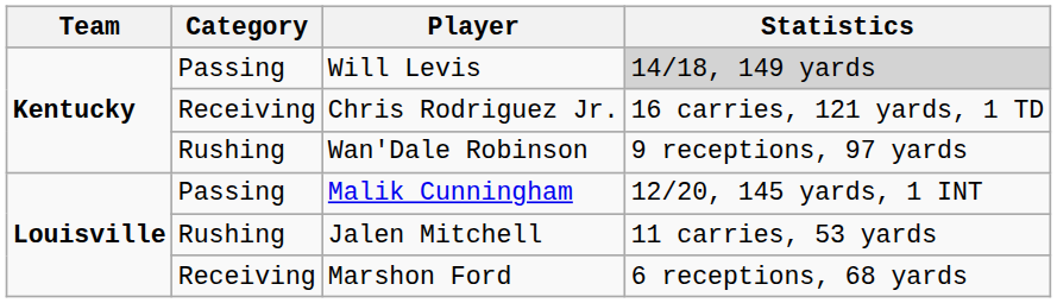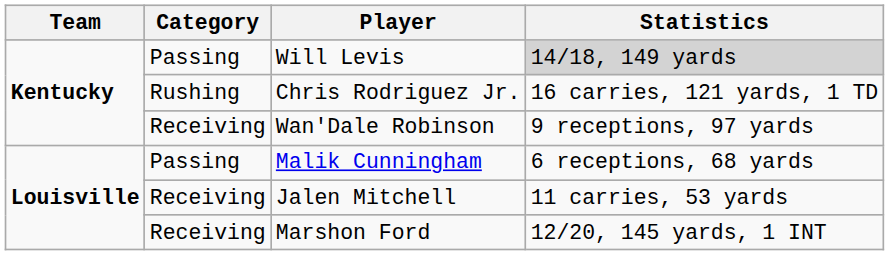 <table class="wikitable" style="float: right;">
 <tr>
 <th>Team</th>
 <th>Category</th>
 <th>Player</th>
 <th>Statistics</th>
 </tr>
 <tr>
 <td rowspan=3><strong>Kentucky</strong></td>
 <td>Passing</td>
 <td>Will Levis</td>
 <td style="background: lightgrey;">14/18, 149 yards</td>
 </tr>
 <tr>
-<td>Receiving</td>
+<td>Rushing</td>
 <td>Chris Rodriguez Jr.</td>
 <td>16 carries, 121 yards, 1 TD</td>
 </tr>
 <tr>
-<td>Rushing</td>
+<td>Receiving</td>
 <td>Wan'Dale Robinson</td>
 <td>9 receptions, 97 yards</td>
 </tr>
 <tr>
 <td rowspan=3><strong>Louisville</strong></td>
 <td>Passing</td>
 <td><a href='#'>Malik Cunningham</a></td>
-<td>12/20, 145 yards, 1 INT</td>
+<td>6 receptions, 68 yards</td>
 </tr>
 <tr>
-<td>Rushing</td>
+<td>Receiving</td>
 <td>Jalen Mitchell</td>
 <td>11 carries, 53 yards</td>
 </tr>
 <tr>
 <td>Receiving</td>
 <td>Marshon Ford</td>
-<td>6 receptions, 68 yards</td>
+<td>12/20, 145 yards, 1 INT</td>
 </tr>
 </table>
